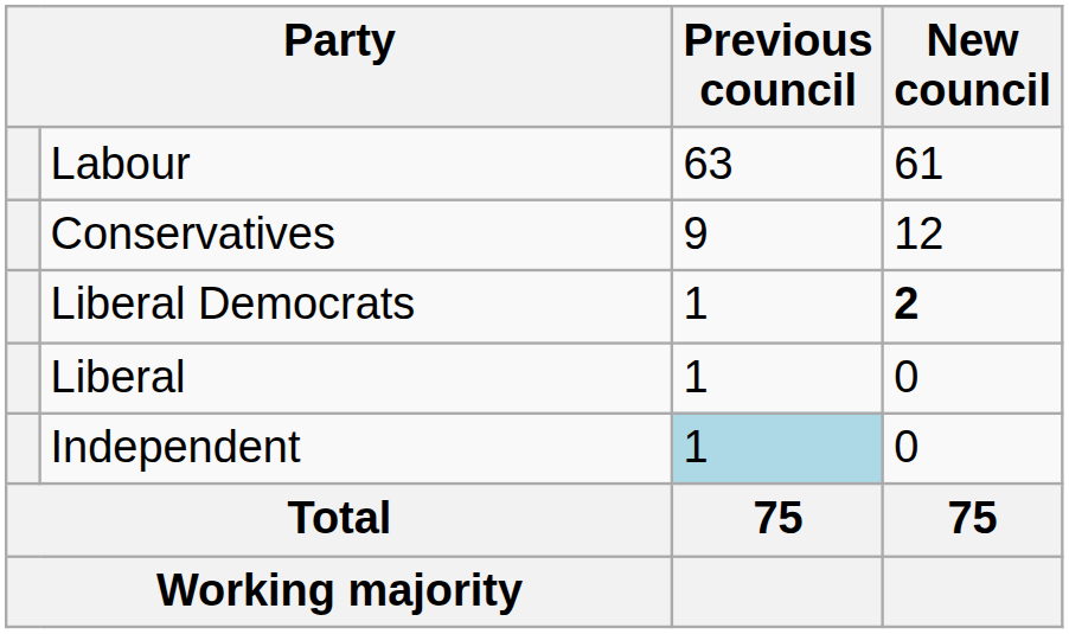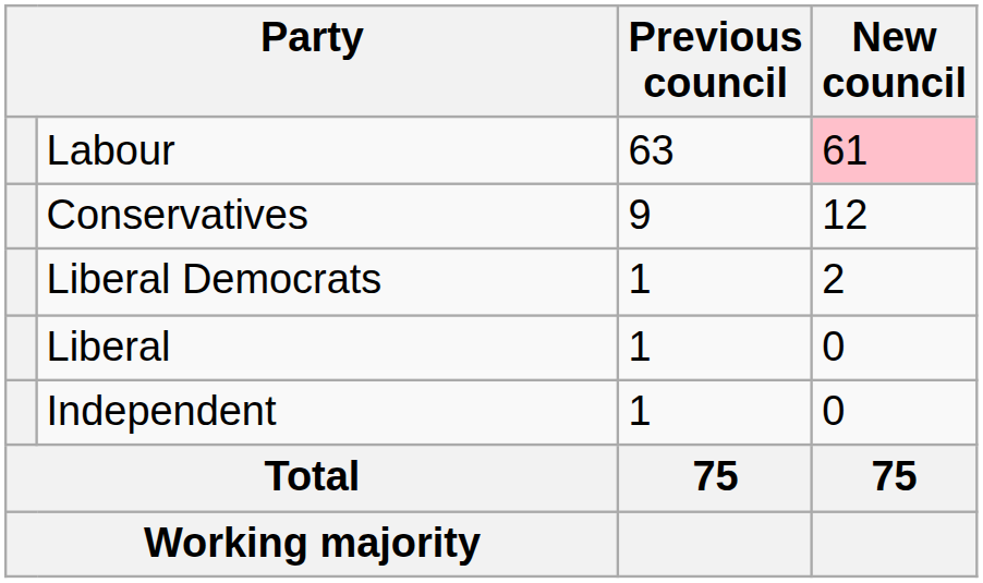 <table class="wikitable">
 <tr>
 <th colspan="2" valign="top" style="width: 230px">Party</th>
 <th valign="top" style="width: 30px">Previous council</th>
 <th valign="top" style="width: 30px">New council</th>
 </tr>
 <tr>
 <th style="background-color: "></th>
 <td>Labour</td>
 <td>63</td>
-<td>61</td>
+<td style="background: pink;">61</td>
 </tr>
 <tr>
 <th style="background-color: "></th>
 <td>Conservatives</td>
 <td>9</td>
 <td>12</td>
 </tr>
 <tr>
 <th style="background-color: "></th>
 <td>Liberal Democrats</td>
 <td>1</td>
-<td><strong>2</strong></td>
+<td>2</td>
 </tr>
 <tr>
 <th style="background-color: "></th>
 <td>Liberal</td>
 <td>1</td>
 <td>0</td>
 </tr>
 <tr>
 <th style="background-color: "></th>
 <td>Independent</td>
-<td style="background: lightblue;">1</td>
+<td>1</td>
 <td>0</td>
 </tr>
 <tr>
 <th colspan="2">Total</th>
 <th style="text-align: center">75</th>
 <th>75</th>
 </tr>
 <tr>
 <th colspan="2">Working majority</th>
 <th></th>
 <th></th>
 </tr>
 </table>
